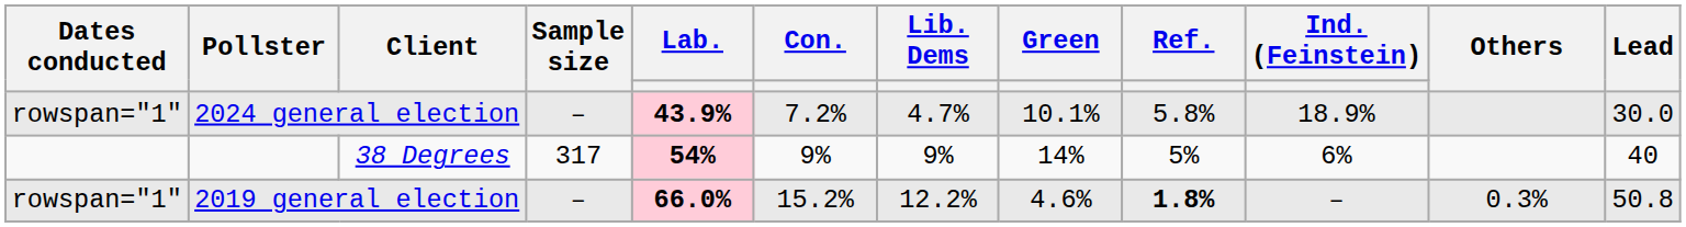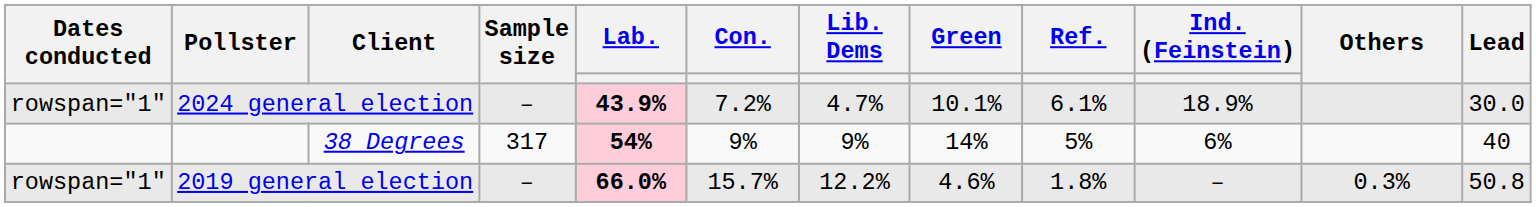 <table class="wikitable sortable mw-datatable" style="text-align:center; font-size:90%; line-height:14px;">
 <tr>
 <th rowspan="2">Dates<br>conducted</th>
 <th rowspan="2">Pollster</th>
 <th rowspan="2">Client</th>
 <th rowspan="2" data-sort-type="number">Sample <br>size</th>
 <th class="unsortable" style="width:50px;"><a href='#'>Lab.</a></th>
 <th class="unsortable" style="width:50px;"><a href='#'>Con.</a></th>
 <th class="unsortable" style="width:50px;"><a href='#'>Lib. Dems</a></th>
 <th class="unsortable" style="width:50px;"><a href='#'>Green</a></th>
 <th class="unsortable" style="width:50px;"><a href='#'>Ref.</a></th>
 <th class="unsortable" style="width:50px;"><a href='#'>Ind.</a> (<a href='#'>Feinstein</a>)</th>
 <th rowspan="2" class="unsortable" style="width:75px;">Others</th>
 <th rowspan="2" data-sort-type="number">Lead</th>
 </tr>
 <tr>
 <th data-sort-type="number" style="background:"></th>
 <th data-sort-type="number" style="background:"></th>
 <th data-sort-type="number" style="background:"></th>
 <th data-sort-type="number" style="background:"></th>
 <th data-sort-type="number" style="background:"></th>
 <th data-sort-type="number" style="background:"></th>
 </tr>
 <tr style="background:#e9e9e9;">
 <td>rowspan="1" </td>
 <td colspan="2" rowspan="1"><a href='#'>2024 general election</a></td>
 <td>–</td>
 <td style="background:#FFCCD9;"><strong>43.9%</strong></td>
 <td>7.2%</td>
 <td>4.7%</td>
 <td>10.1%</td>
-<td>5.8%</td>
+<td>6.1%</td>
 <td>18.9%</td>
 <td></td>
 <td style="background:">30.0</td>
 </tr>
 <tr>
 <td></td>
 <td></td>
 <td><em><a href='#'>38 Degrees</a></em></td>
 <td>317</td>
 <td style="background:#FFCCD9;"><strong>54%</strong></td>
 <td>9%</td>
 <td>9%</td>
 <td>14%</td>
 <td>5%</td>
 <td>6%</td>
 <td></td>
 <td style="background:">40</td>
 </tr>
 <tr style="background:#e9e9e9;">
 <td>rowspan="1" </td>
 <td colspan="2" rowspan="1"><a href='#'>2019 general election</a></td>
 <td>–</td>
 <td style="background:#FFCCD9;"><strong>66.0%</strong></td>
-<td>15.2%</td>
+<td>15.7%</td>
 <td>12.2%</td>
 <td>4.6%</td>
-<td><strong>1.8%</strong></td>
+<td>1.8%</td>
 <td>–</td>
 <td>0.3%</td>
 <td style="background:">50.8</td>
 </tr>
 </table>
